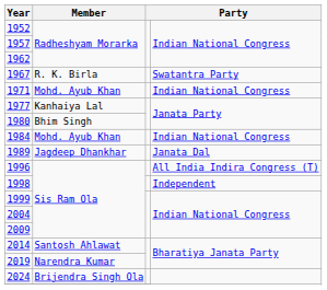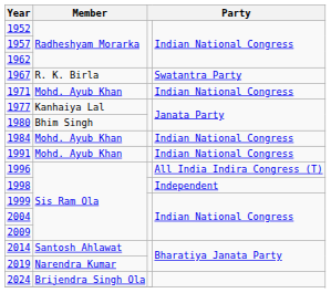 <table class="wikitable">
 <tr>
 <th>Year</th>
 <th>Member</th>
 <th colspan="2">Party</th>
 </tr>
 <tr>
 <td><a href='#'>1952</a></td>
 <td rowspan="3"><a href='#'>Radheshyam Morarka</a></td>
 <td rowspan="3" style="background-color: "></td>
 <td rowspan="3"><a href='#'>Indian National Congress</a></td>
 </tr>
 <tr>
 <td><a href='#'>1957</a></td>
 </tr>
 <tr>
 <td><a href='#'>1962</a></td>
 </tr>
 <tr>
 <td><a href='#'>1967</a></td>
 <td>R. K. Birla</td>
 <td style="background-color: "></td>
 <td><a href='#'>Swatantra Party</a></td>
 </tr>
 <tr>
 <td><a href='#'>1971</a></td>
 <td><a href='#'>Mohd. Ayub Khan</a></td>
 <td style="background-color: "></td>
 <td><a href='#'>Indian National Congress</a></td>
 </tr>
 <tr>
 <td><a href='#'>1977</a></td>
 <td>Kanhaiya Lal</td>
 <td rowspan="2" style="background-color: "></td>
 <td rowspan="2"><a href='#'>Janata Party</a></td>
 </tr>
 <tr>
 <td><a href='#'>1980</a></td>
 <td>Bhim Singh</td>
 </tr>
 <tr>
 <td><a href='#'>1984</a></td>
 <td><a href='#'>Mohd. Ayub Khan</a></td>
 <td style="background-color: "></td>
 <td><a href='#'>Indian National Congress</a></td>
 </tr>
 <tr>
-<td><a href='#'>1989</a></td>
-<td><a href='#'>Jagdeep Dhankhar</a></td>
+<td><a href='#'>1991</a></td>
+<td><a href='#'>Mohd. Ayub Khan</a></td>
 <td style="background-color: "></td>
-<td><a href='#'>Janata Dal</a></td>
+<td><a href='#'>Indian National Congress</a></td>
 </tr>
 <tr>
 <td><a href='#'>1996</a></td>
 <td rowspan="5"><a href='#'>Sis Ram Ola</a></td>
 <td style="background-color: "></td>
 <td><a href='#'>All India Indira Congress (T)</a></td>
 </tr>
 <tr>
 <td><a href='#'>1998</a></td>
 <td style="background-color: "></td>
 <td><a href='#'>Independent</a></td>
 </tr>
 <tr>
 <td><a href='#'>1999</a></td>
 <td rowspan="3" style="background-color: "></td>
 <td rowspan="3"><a href='#'>Indian National Congress</a></td>
 </tr>
 <tr>
 <td><a href='#'>2004</a></td>
 </tr>
 <tr>
 <td><a href='#'>2009</a></td>
 </tr>
 <tr>
 <td><a href='#'>2014</a></td>
 <td><a href='#'>Santosh Ahlawat</a></td>
 <td rowspan="2" style="background-color: "></td>
 <td rowspan="2"><a href='#'>Bharatiya Janata Party</a></td>
 </tr>
 <tr>
 <td><a href='#'>2019</a></td>
 <td><a href='#'>Narendra Kumar</a></td>
 </tr>
 <tr>
 <td><a href='#'>2024</a></td>
 <td><a href='#'>Brijendra Singh Ola</a></td>
 <td></td>
 </tr>
 <tr>
 </tr>
 </table>
